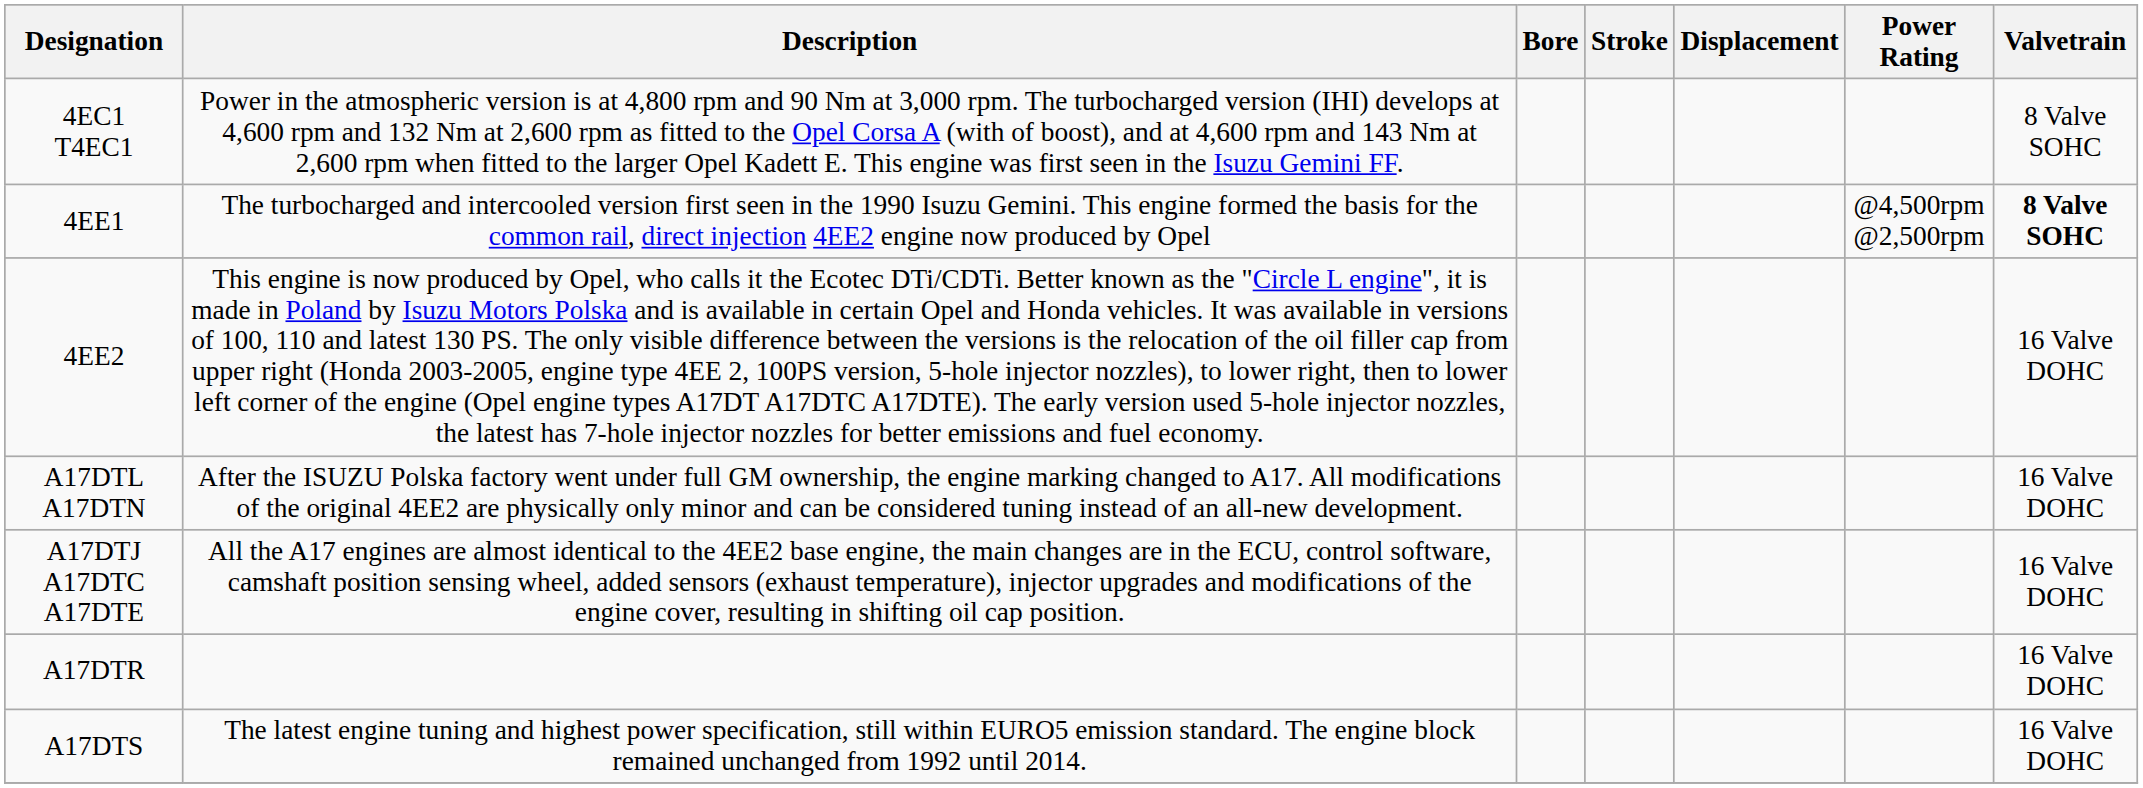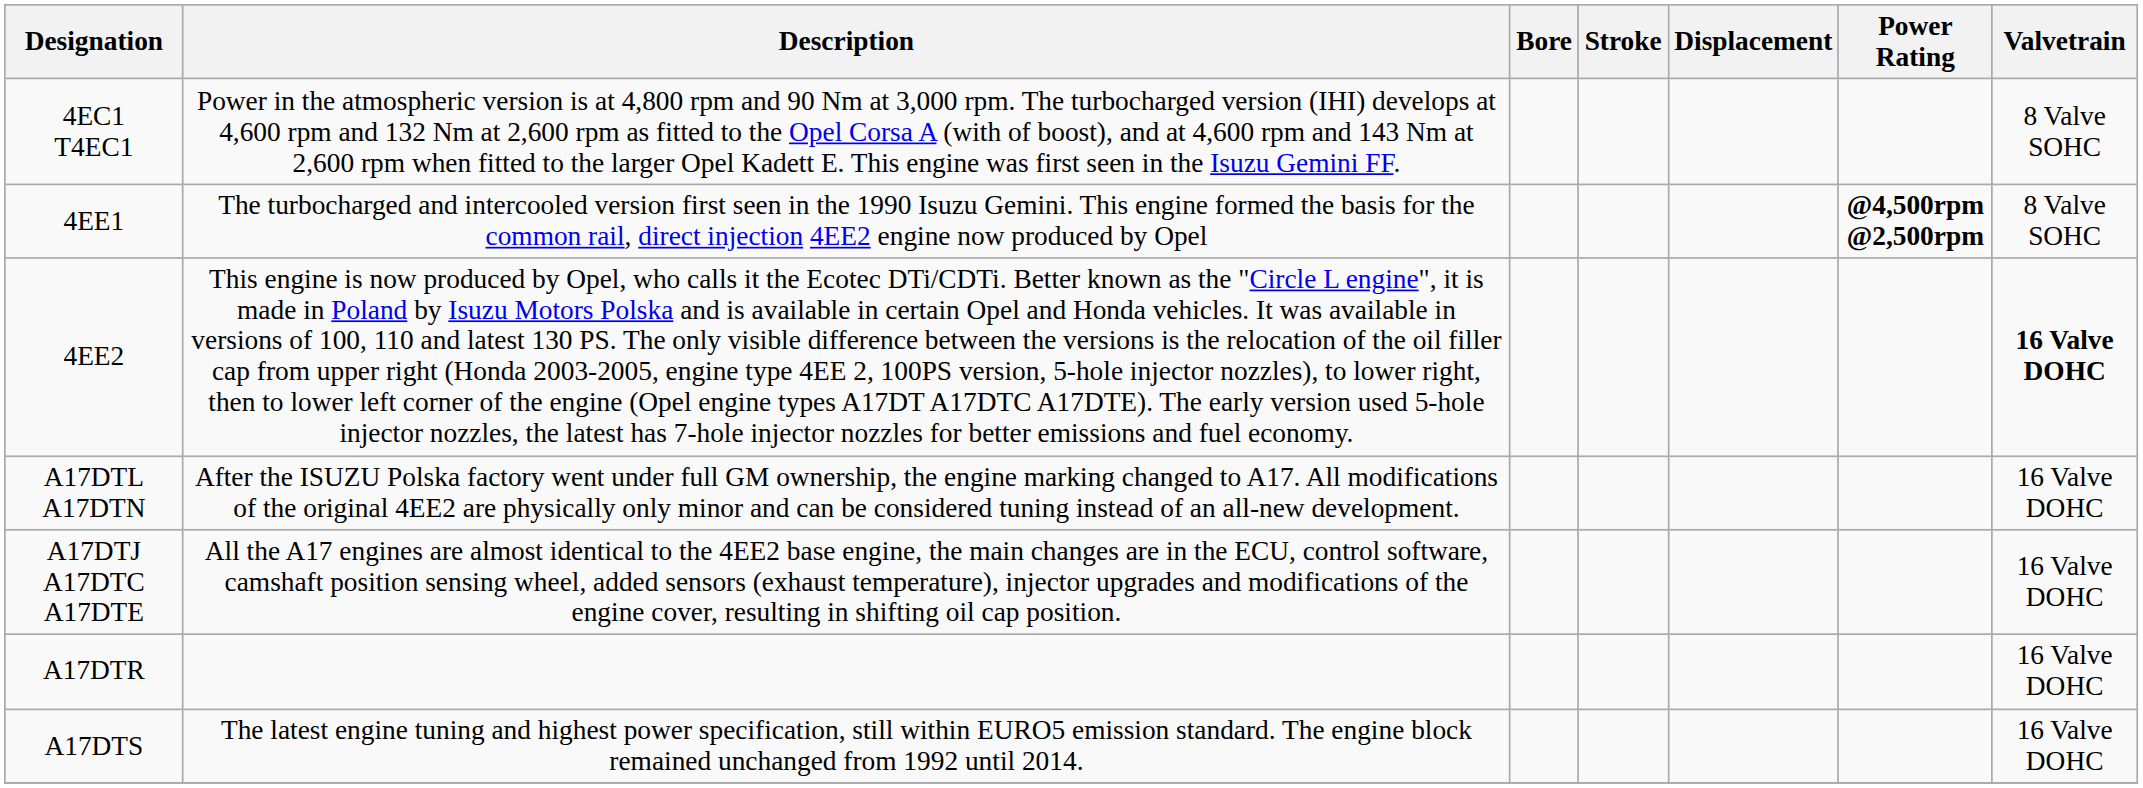 <table class="wikitable" style="text-align: center;">
 <tr>
 <th>Designation</th>
 <th>Description</th>
 <th>Bore</th>
 <th>Stroke</th>
 <th>Displacement</th>
 <th>Power Rating</th>
 <th>Valvetrain</th>
 </tr>
 <tr>
 <td>4EC1<br>T4EC1</td>
 <td>Power in the atmospheric version is  at 4,800 rpm and 90 Nm at 3,000 rpm. The turbocharged version (IHI) develops  at 4,600 rpm and 132 Nm at 2,600 rpm as fitted to the <a href='#'>Opel Corsa A</a> (with  of boost), and  at 4,600 rpm and 143 Nm at 2,600 rpm when fitted to the larger Opel Kadett E. This engine was first seen in the <a href='#'>Isuzu Gemini FF</a>.</td>
 <td></td>
 <td></td>
 <td></td>
 <td></td>
 <td>8 Valve SOHC</td>
 </tr>
 <tr>
 <td>4EE1</td>
 <td>The turbocharged and intercooled version first seen in the 1990 Isuzu Gemini. This engine formed the basis for the <a href='#'>common rail</a>, <a href='#'>direct injection</a> <a href='#'>4EE2</a> engine now produced by Opel</td>
 <td></td>
 <td></td>
 <td></td>
-<td> @4,500rpm <br>  @2,500rpm</td>
-<td><strong>8 Valve SOHC</strong></td>
+<td><strong> @4,500rpm <br>  @2,500rpm</strong></td>
+<td>8 Valve SOHC</td>
 </tr>
 <tr>
 <td>4EE2</td>
 <td>This engine is now produced by Opel, who calls it the Ecotec DTi/CDTi. Better known as the "<a href='#'>Circle L engine</a>", it is made in <a href='#'>Poland</a> by <a href='#'>Isuzu Motors Polska</a> and is available in certain Opel and Honda vehicles. It was available in versions of 100, 110 and latest 130 PS. The only visible difference between the versions is the relocation of the oil filler cap from upper right (Honda 2003-2005, engine type 4EE 2, 100PS version, 5-hole injector nozzles), to lower right, then to lower left corner of the engine (Opel engine types A17DT A17DTC A17DTE). The early version used 5-hole injector nozzles, the latest has 7-hole injector nozzles for better emissions and fuel economy.</td>
 <td></td>
 <td></td>
 <td></td>
 <td></td>
-<td>16 Valve DOHC</td>
+<td><strong>16 Valve DOHC</strong></td>
 </tr>
 <tr>
 <td>A17DTL A17DTN</td>
 <td>After the ISUZU Polska factory went under full GM ownership, the engine marking changed to A17. All modifications of the original 4EE2 are physically only minor and can be considered tuning instead of an all-new development.</td>
 <td></td>
 <td></td>
 <td></td>
 <td> </td>
 <td>16 Valve DOHC</td>
 </tr>
 <tr>
 <td>A17DTJ A17DTC A17DTE</td>
 <td>All the A17 engines are almost identical to the 4EE2 base engine, the main changes are in the ECU, control software, camshaft position sensing wheel, added sensors (exhaust temperature), injector upgrades and modifications of the engine cover, resulting in shifting oil cap position.</td>
 <td></td>
 <td></td>
 <td></td>
 <td>   </td>
 <td>16 Valve DOHC</td>
 </tr>
 <tr>
 <td>A17DTR</td>
 <td></td>
 <td></td>
 <td></td>
 <td></td>
 <td> </td>
 <td>16 Valve DOHC</td>
 </tr>
 <tr>
 <td>A17DTS</td>
 <td>The latest engine tuning and highest power specification, still within EURO5 emission standard. The engine block remained unchanged from 1992 until 2014.</td>
 <td></td>
 <td></td>
 <td></td>
 <td> </td>
 <td>16 Valve DOHC</td>
 </tr>
 <tr>
 </tr>
 </table>
